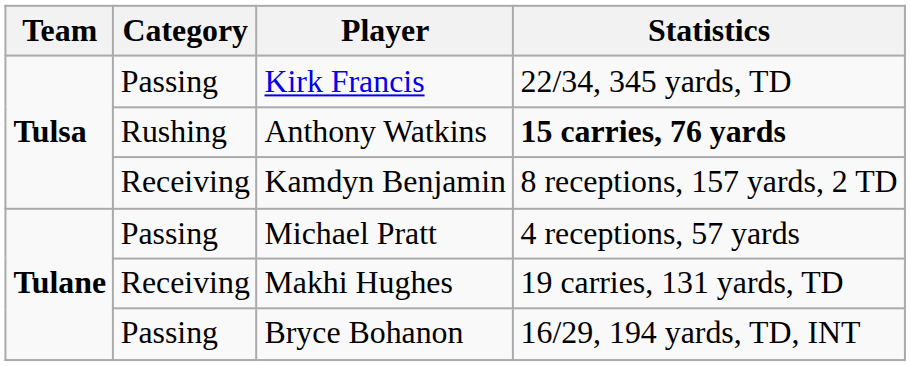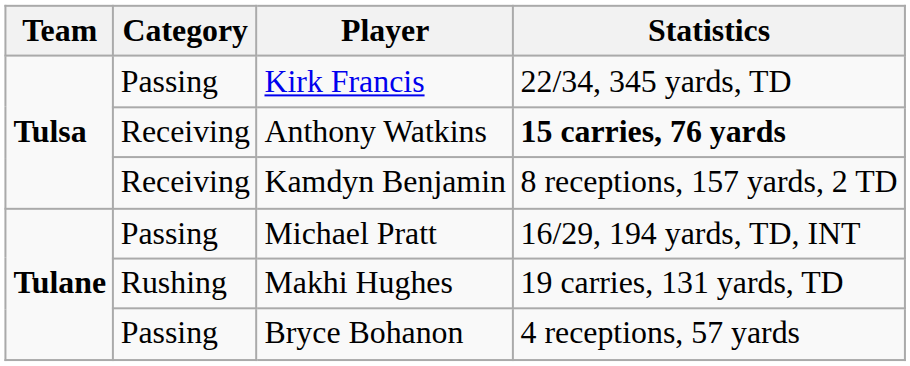 <table class="wikitable" style="float: right;">
 <tr>
 <th>Team</th>
 <th>Category</th>
 <th>Player</th>
 <th>Statistics</th>
 </tr>
 <tr>
 <td rowspan=3><strong>Tulsa</strong></td>
 <td>Passing</td>
 <td><a href='#'>Kirk Francis</a></td>
 <td>22/34, 345 yards, TD</td>
 </tr>
 <tr>
-<td>Rushing</td>
+<td>Receiving</td>
 <td>Anthony Watkins</td>
 <td><strong>15 carries, 76 yards</strong></td>
 </tr>
 <tr>
 <td>Receiving</td>
 <td>Kamdyn Benjamin</td>
 <td>8 receptions, 157 yards, 2 TD</td>
 </tr>
 <tr>
 <td rowspan=3><strong>Tulane</strong></td>
 <td>Passing</td>
 <td>Michael Pratt</td>
-<td>4 receptions, 57 yards</td>
+<td>16/29, 194 yards, TD, INT</td>
 </tr>
 <tr>
-<td>Receiving</td>
+<td>Rushing</td>
 <td>Makhi Hughes</td>
 <td>19 carries, 131 yards, TD</td>
 </tr>
 <tr>
 <td>Passing</td>
 <td>Bryce Bohanon</td>
-<td>16/29, 194 yards, TD, INT</td>
+<td>4 receptions, 57 yards</td>
 </tr>
 </table>
